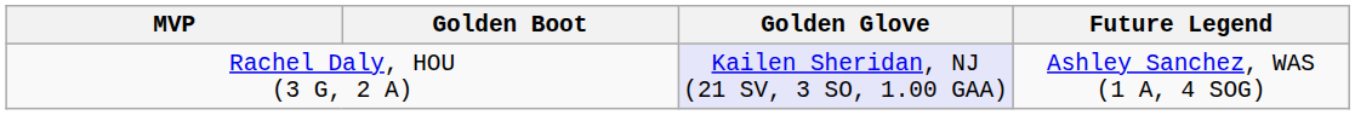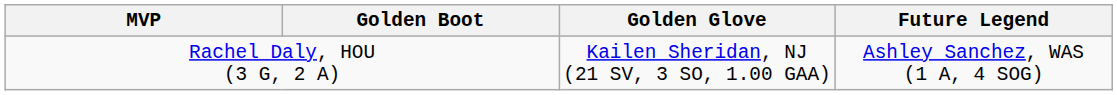 <table class="wikitable" style="margin:auto; text-align:center;">
 <tr>
 <th style="width:25%">MVP</th>
 <th style="width:25%">Golden Boot</th>
 <th style="width:25%">Golden Glove</th>
 <th style="width:25%">Future Legend</th>
 </tr>
 <tr>
 <td colspan="2"> <a href='#'>Rachel Daly</a>, HOU<br>(3 G, 2 A)</td>
-<td style="background: lavender;"> <a href='#'>Kailen Sheridan</a>, NJ<br>(21 SV, 3 SO, 1.00 GAA)</td>
+<td> <a href='#'>Kailen Sheridan</a>, NJ<br>(21 SV, 3 SO, 1.00 GAA)</td>
 <td> <a href='#'>Ashley Sanchez</a>, WAS<br>(1 A, 4 SOG)</td>
 </tr>
 </table>
